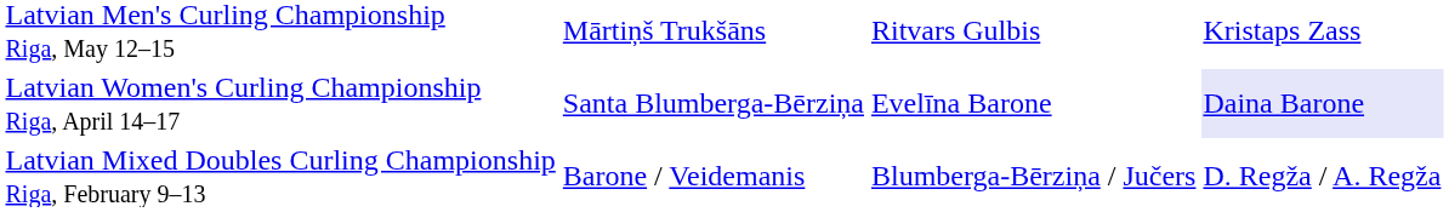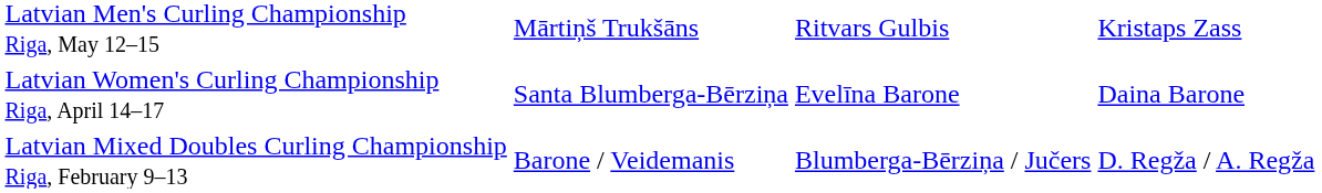 <table>
 <tr>
 <td><a href='#'>Latvian Men's Curling Championship</a> <br> <small><a href='#'>Riga</a>, May 12–15</small></td>
 <td><a href='#'>Mārtiņš Trukšāns</a></td>
 <td><a href='#'>Ritvars Gulbis</a></td>
 <td><a href='#'>Kristaps Zass</a></td>
 </tr>
 <tr>
 <td><a href='#'>Latvian Women's Curling Championship</a> <br> <small><a href='#'>Riga</a>, April 14–17</small></td>
 <td><a href='#'>Santa Blumberga-Bērziņa</a></td>
 <td><a href='#'>Evelīna Barone</a></td>
-<td style="background: lavender;"><a href='#'>Daina Barone</a></td>
+<td><a href='#'>Daina Barone</a></td>
 </tr>
 <tr>
 <td><a href='#'>Latvian Mixed Doubles Curling Championship</a> <br> <small><a href='#'>Riga</a>, February 9–13</small></td>
 <td><a href='#'>Barone</a> / <a href='#'>Veidemanis</a></td>
 <td><a href='#'>Blumberga-Bērziņa</a> / <a href='#'>Jučers</a></td>
 <td><a href='#'>D. Regža</a> / <a href='#'>A. Regža</a></td>
 </tr>
 </table>
